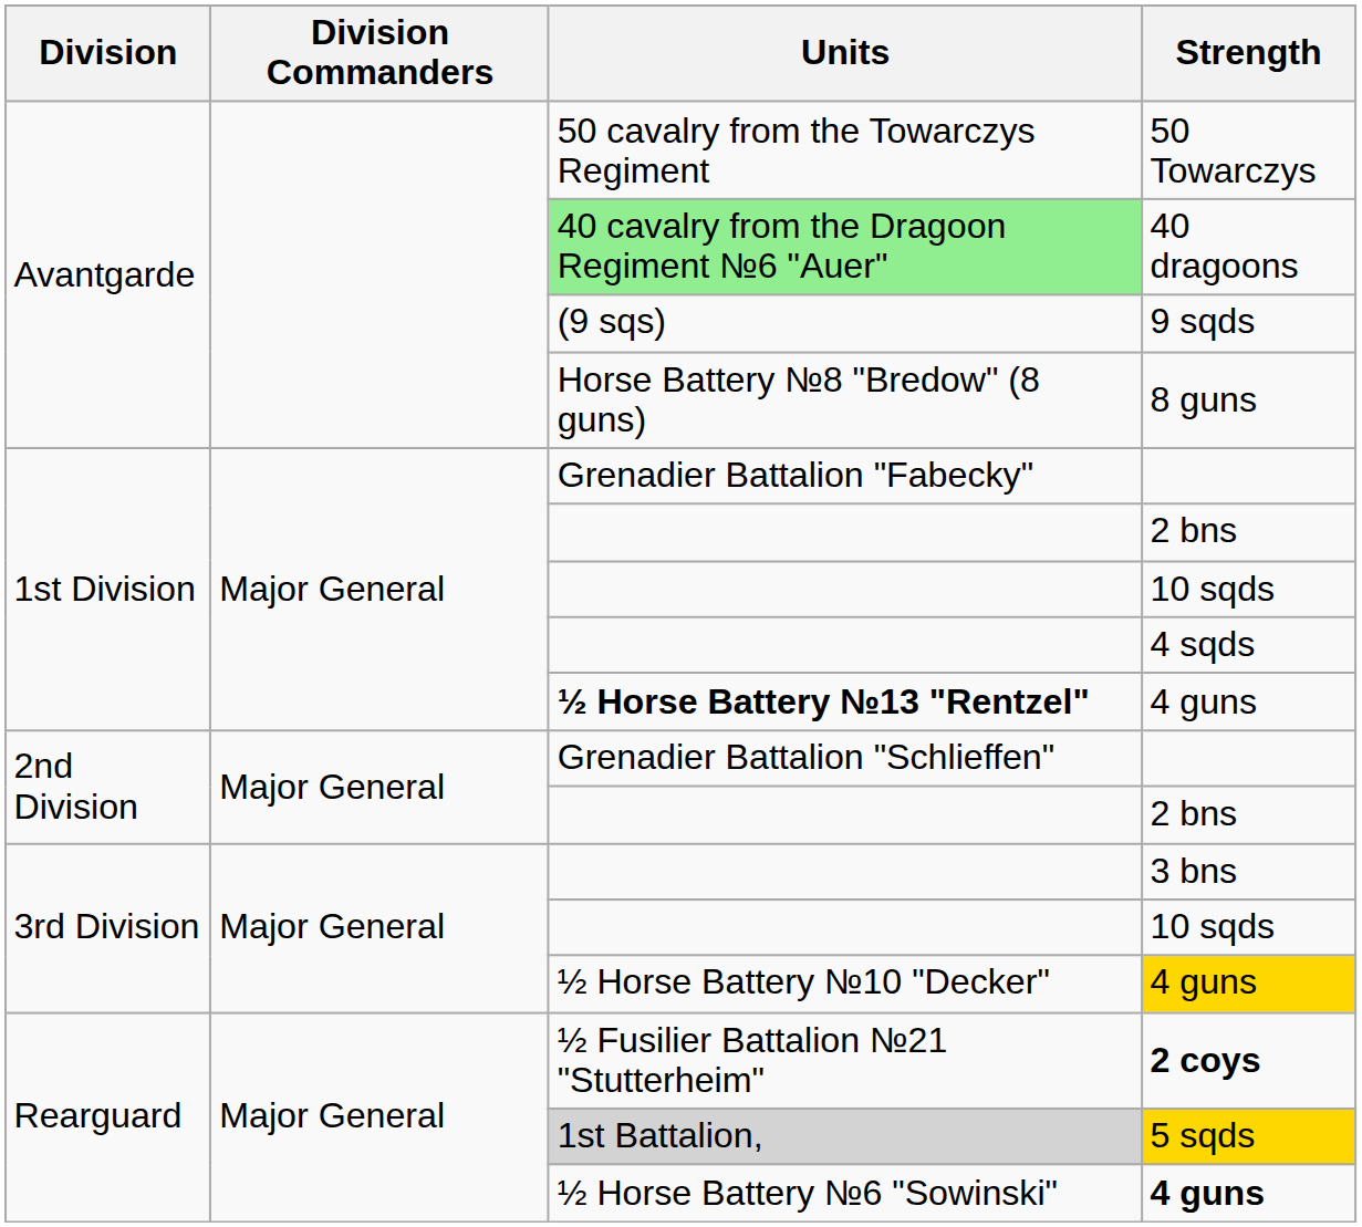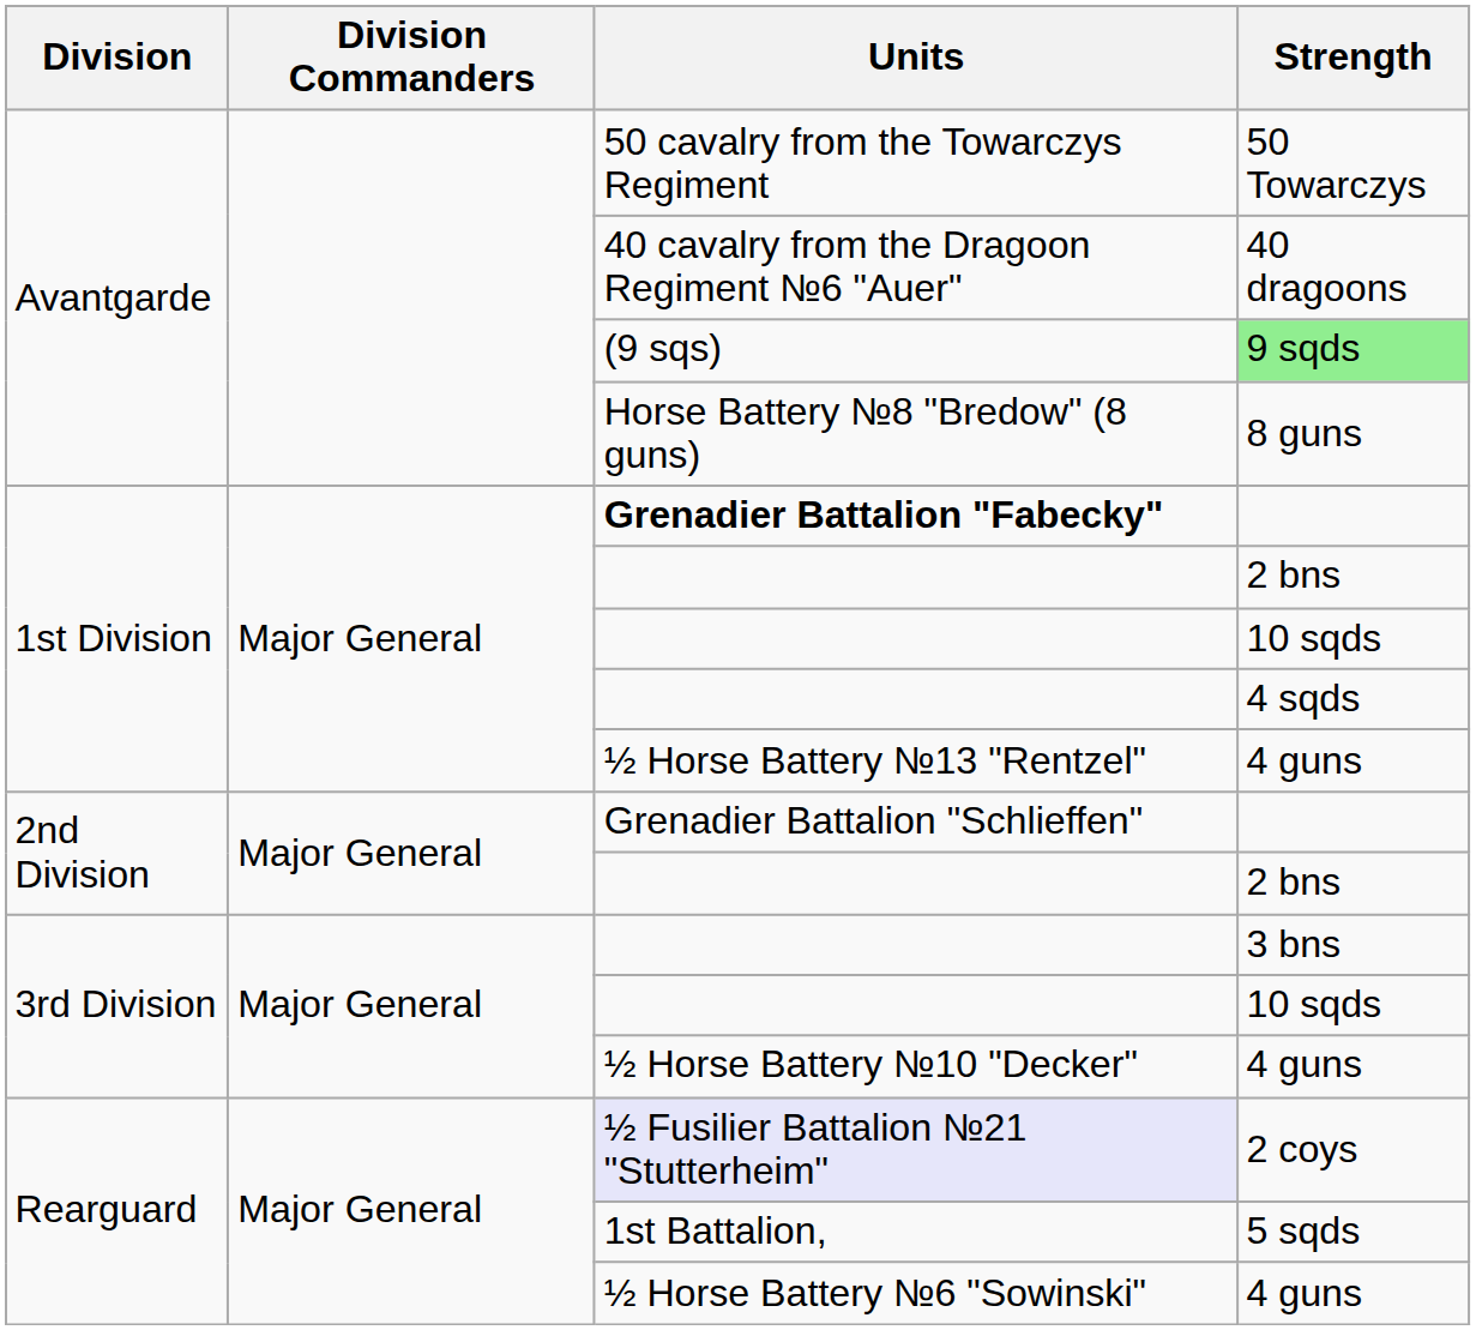 <table class="wikitable">
 <tr>
 <th>Division</th>
 <th>Division Commanders</th>
 <th>Units</th>
 <th>Strength</th>
 </tr>
 <tr>
 <td rowspan="4">Avantgarde</td>
 <td rowspan="4"></td>
 <td>50 cavalry from the Towarczys Regiment</td>
 <td>50 Towarczys</td>
 </tr>
 <tr>
-<td style="background: lightgreen;">40 cavalry from the Dragoon Regiment №6 "Auer"</td>
+<td>40 cavalry from the Dragoon Regiment №6 "Auer"</td>
 <td>40 dragoons</td>
 </tr>
 <tr>
 <td> (9 sqs)</td>
-<td>9 sqds</td>
+<td style="background: lightgreen;">9 sqds</td>
 </tr>
 <tr>
 <td>Horse Battery №8 "Bredow" (8 guns)</td>
 <td>8 guns</td>
 </tr>
 <tr>
 <td rowspan="5">1st Division</td>
 <td rowspan="5">Major General </td>
-<td>Grenadier Battalion "Fabecky"</td>
+<td><strong>Grenadier Battalion "Fabecky"</strong></td>
 <td></td>
 </tr>
 <tr>
 <td></td>
 <td>2 bns</td>
 </tr>
 <tr>
 <td></td>
 <td>10 sqds</td>
 </tr>
 <tr>
 <td></td>
 <td>4 sqds</td>
 </tr>
 <tr>
-<td><strong>½ Horse Battery №13 "Rentzel"</strong></td>
+<td>½ Horse Battery №13 "Rentzel"</td>
 <td>4 guns</td>
 </tr>
 <tr>
 <td rowspan="2">2nd Division</td>
 <td rowspan="2">Major General </td>
 <td>Grenadier Battalion "Schlieffen"</td>
 <td></td>
 </tr>
 <tr>
 <td></td>
 <td>2 bns</td>
 </tr>
 <tr>
 <td rowspan="3">3rd Division</td>
 <td rowspan="3">Major General </td>
 <td></td>
 <td>3 bns</td>
 </tr>
 <tr>
 <td></td>
 <td>10 sqds</td>
 </tr>
 <tr>
 <td>½ Horse Battery №10 "Decker"</td>
-<td style="background: gold;">4 guns</td>
+<td>4 guns</td>
 </tr>
 <tr>
 <td rowspan="3">Rearguard</td>
 <td rowspan="3">Major General </td>
-<td>½ Fusilier Battalion №21 "Stutterheim"</td>
-<td><strong>2 coys</strong></td>
+<td style="background: lavender;">½ Fusilier Battalion №21 "Stutterheim"</td>
+<td>2 coys</td>
 </tr>
 <tr>
-<td style="background: lightgrey;">1st Battalion, </td>
-<td style="background: gold;">5 sqds</td>
+<td>1st Battalion, </td>
+<td>5 sqds</td>
 </tr>
 <tr>
 <td>½ Horse Battery №6 "Sowinski"</td>
-<td><strong>4 guns</strong></td>
+<td>4 guns</td>
 </tr>
 </table>
